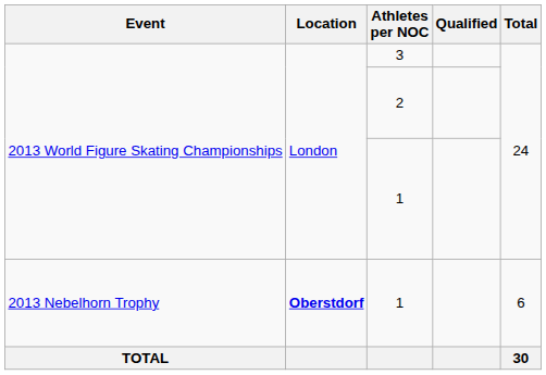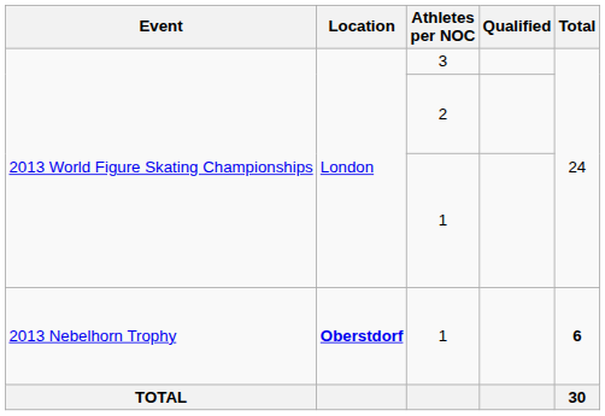 <table class="wikitable">
 <tr>
 <th>Event</th>
 <th>Location</th>
 <th>Athletes <br> per NOC</th>
 <th>Qualified</th>
 <th>Total</th>
 </tr>
 <tr>
 <td rowspan = 3><a href='#'>2013 World Figure Skating Championships</a></td>
 <td rowspan = 3> <a href='#'>London</a></td>
 <td align="center">3</td>
 <td><br></td>
 <td rowspan = 3 align="center">24</td>
 </tr>
 <tr>
 <td align="center">2</td>
 <td><br><br><br><br></td>
 </tr>
 <tr>
 <td align="center">1</td>
 <td><br><br><br><br><br><br><br></td>
 </tr>
 <tr>
 <td><a href='#'>2013 Nebelhorn Trophy</a></td>
 <td><strong> <a href='#'>Oberstdorf</a></strong></td>
 <td align="center">1</td>
 <td><br><br><br><br><br></td>
-<td align="center">6</td>
+<td align="center"><strong>6</strong></td>
 </tr>
 <tr>
 <th>TOTAL</th>
 <th></th>
 <th></th>
 <th></th>
 <th>30</th>
 </tr>
 </table>
